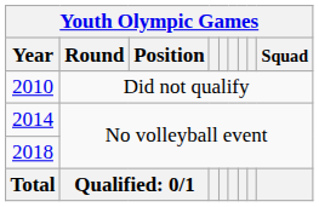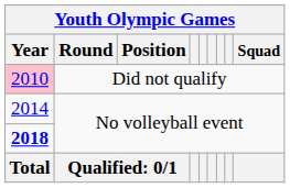 <table class="wikitable" style="text-align: center;">
 <tr>
 <th colspan=9><a href='#'>Youth Olympic Games</a></th>
 </tr>
 <tr>
 <th>Year</th>
 <th>Round</th>
 <th>Position</th>
 <th></th>
 <th></th>
 <th></th>
 <th></th>
 <th></th>
 <th><small>Squad</small></th>
 </tr>
 <tr>
-<td> <a href='#'>2010</a></td>
+<td style="background: pink;"> <a href='#'>2010</a></td>
 <td colspan=9>Did not qualify</td>
 </tr>
 <tr>
 <td> <a href='#'>2014</a></td>
 <td colspan=9 rowspan=2 align=center>No volleyball event</td>
 </tr>
 <tr>
-<td> <a href='#'>2018</a></td>
+<td><strong> <a href='#'>2018</a></strong></td>
 </tr>
 <tr>
 <th>Total</th>
 <th colspan="2">Qualified: 0/1</th>
 <th></th>
 <th></th>
 <th></th>
 <th></th>
 <th></th>
 <th></th>
 </tr>
 </table>
